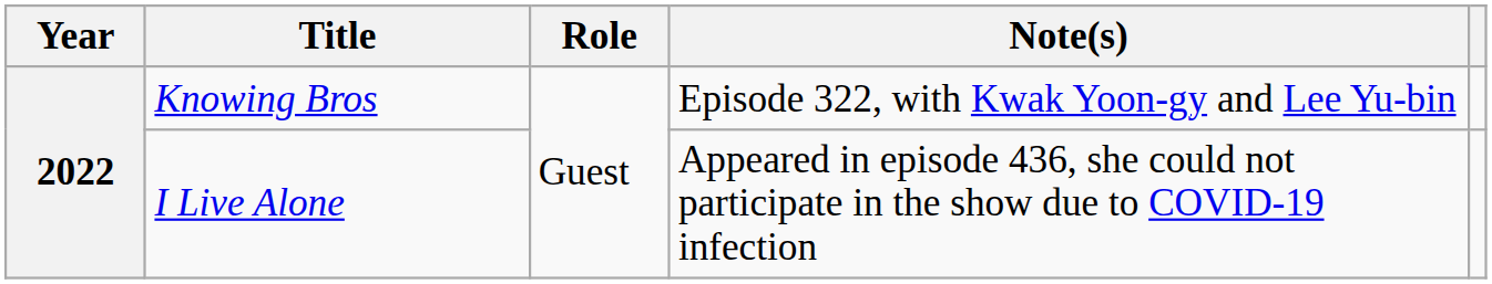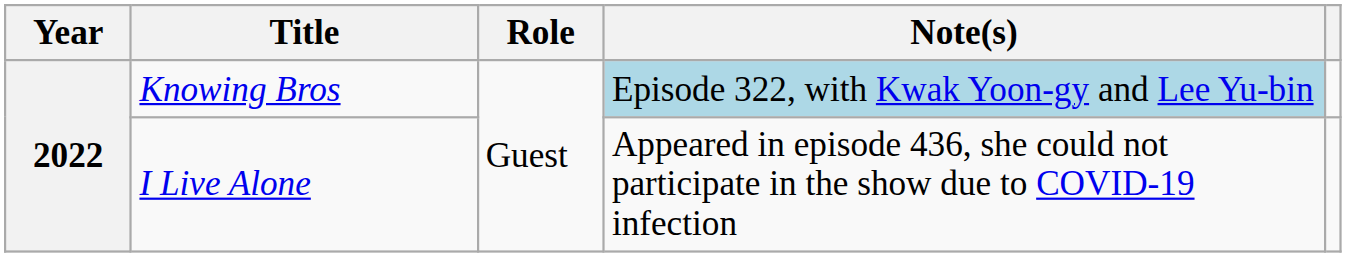 <table class="wikitable  plainrowheaders">
 <tr>
 <th scope="col" width="50">Year</th>
 <th scope="col" width="150">Title</th>
 <th scope="col" width="50">Role</th>
 <th scope="col">Note(s)</th>
 <th scope="col" class="unsortable"></th>
 </tr>
 <tr>
 <th scope="row" rowspan=2>2022</th>
 <td><em><a href='#'>Knowing Bros</a></em></td>
 <td rowspan="2">Guest</td>
-<td>Episode 322, with <a href='#'>Kwak Yoon-gy</a> and <a href='#'>Lee Yu-bin</a></td>
+<td style="background: lightblue;">Episode 322, with <a href='#'>Kwak Yoon-gy</a> and <a href='#'>Lee Yu-bin</a></td>
 <td></td>
 </tr>
 <tr>
 <td><em><a href='#'>I Live Alone</a></em></td>
 <td>Appeared in episode 436, she could not participate in the show due to <a href='#'>COVID-19</a> infection</td>
 <td></td>
 </tr>
 </table>
